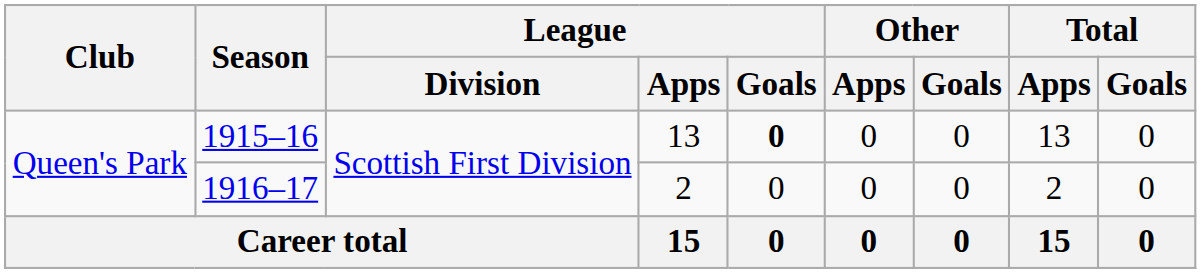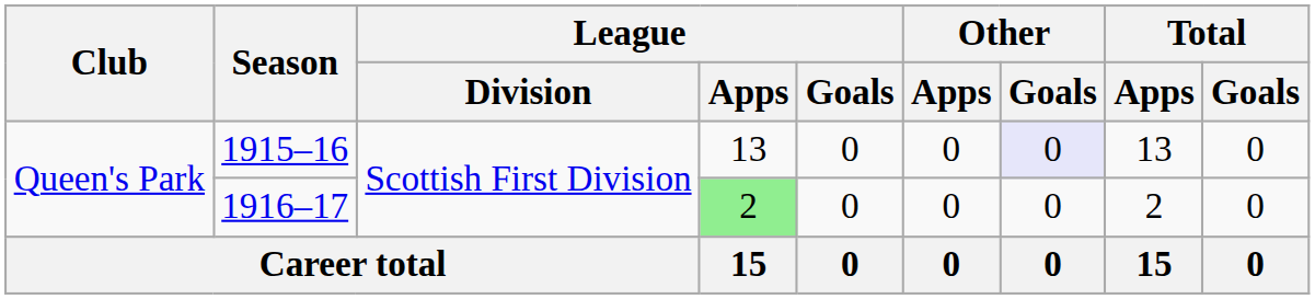 <table class="wikitable" style="text-align: center;">
 <tr>
 <th rowspan="2">Club</th>
 <th rowspan="2">Season</th>
 <th colspan="3">League</th>
 <th colspan="2">Other</th>
 <th colspan="2">Total</th>
 </tr>
 <tr>
 <th>Division</th>
 <th>Apps</th>
 <th>Goals</th>
 <th>Apps</th>
 <th>Goals</th>
 <th>Apps</th>
 <th>Goals</th>
 </tr>
 <tr>
 <td rowspan="2"><a href='#'>Queen's Park</a></td>
 <td><a href='#'>1915–16</a></td>
 <td rowspan="2"><a href='#'>Scottish First Division</a></td>
 <td>13</td>
-<td><strong>0</strong></td>
 <td>0</td>
 <td>0</td>
+<td style="background: lavender;">0</td>
 <td>13</td>
 <td>0</td>
 </tr>
 <tr>
 <td><a href='#'>1916–17</a></td>
-<td>2</td>
+<td style="background: lightgreen;">2</td>
 <td>0</td>
 <td>0</td>
 <td>0</td>
 <td>2</td>
 <td>0</td>
 </tr>
 <tr>
 <th colspan="3">Career total</th>
 <th>15</th>
 <th>0</th>
 <th>0</th>
 <th>0</th>
 <th>15</th>
 <th>0</th>
 </tr>
 </table>
